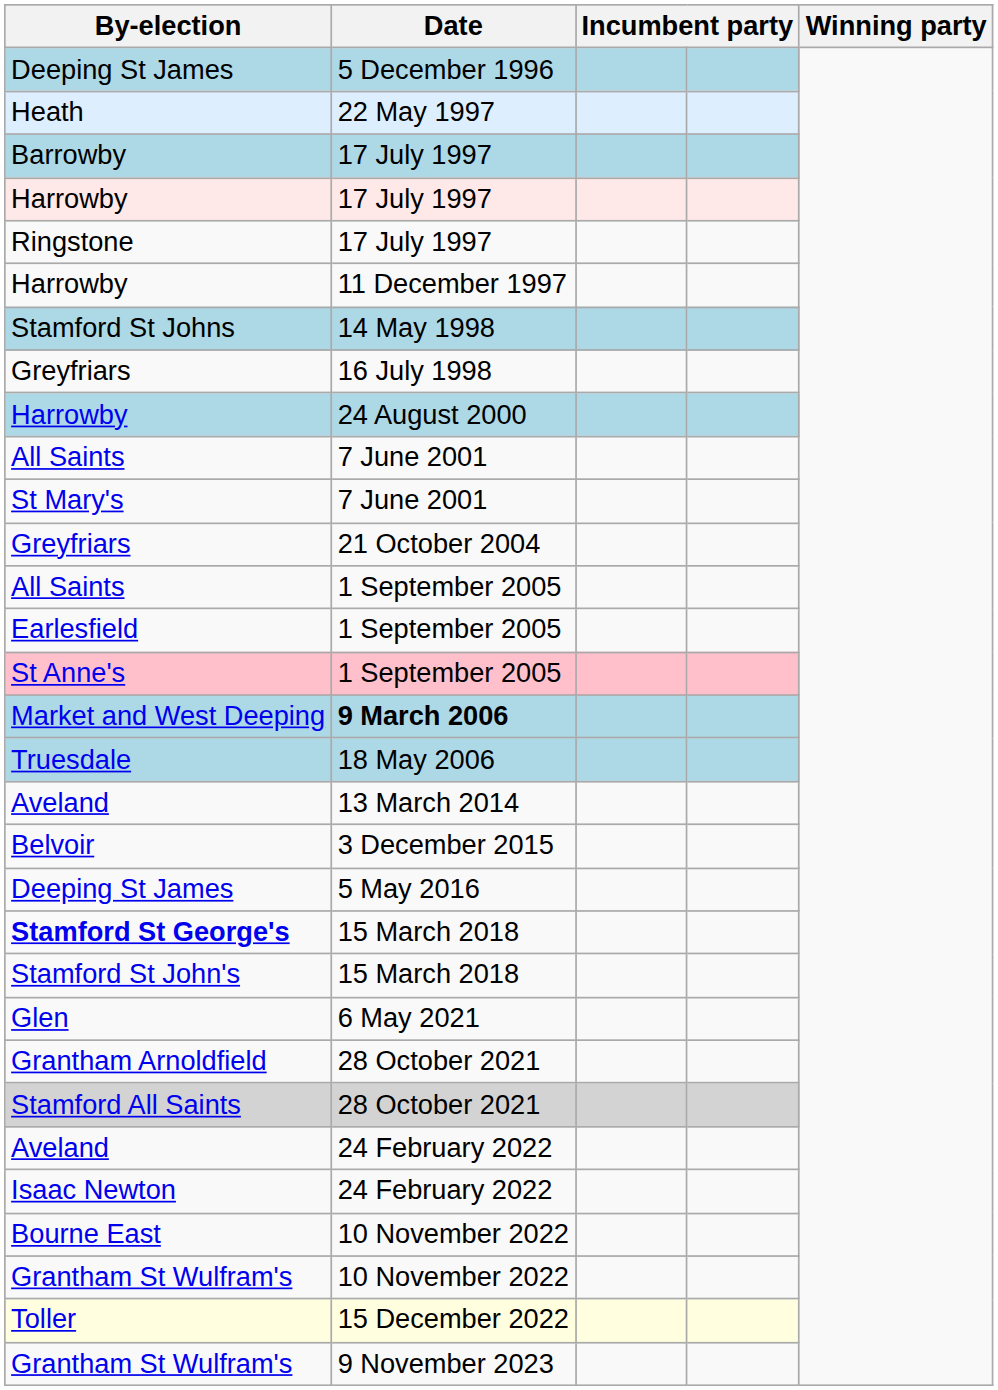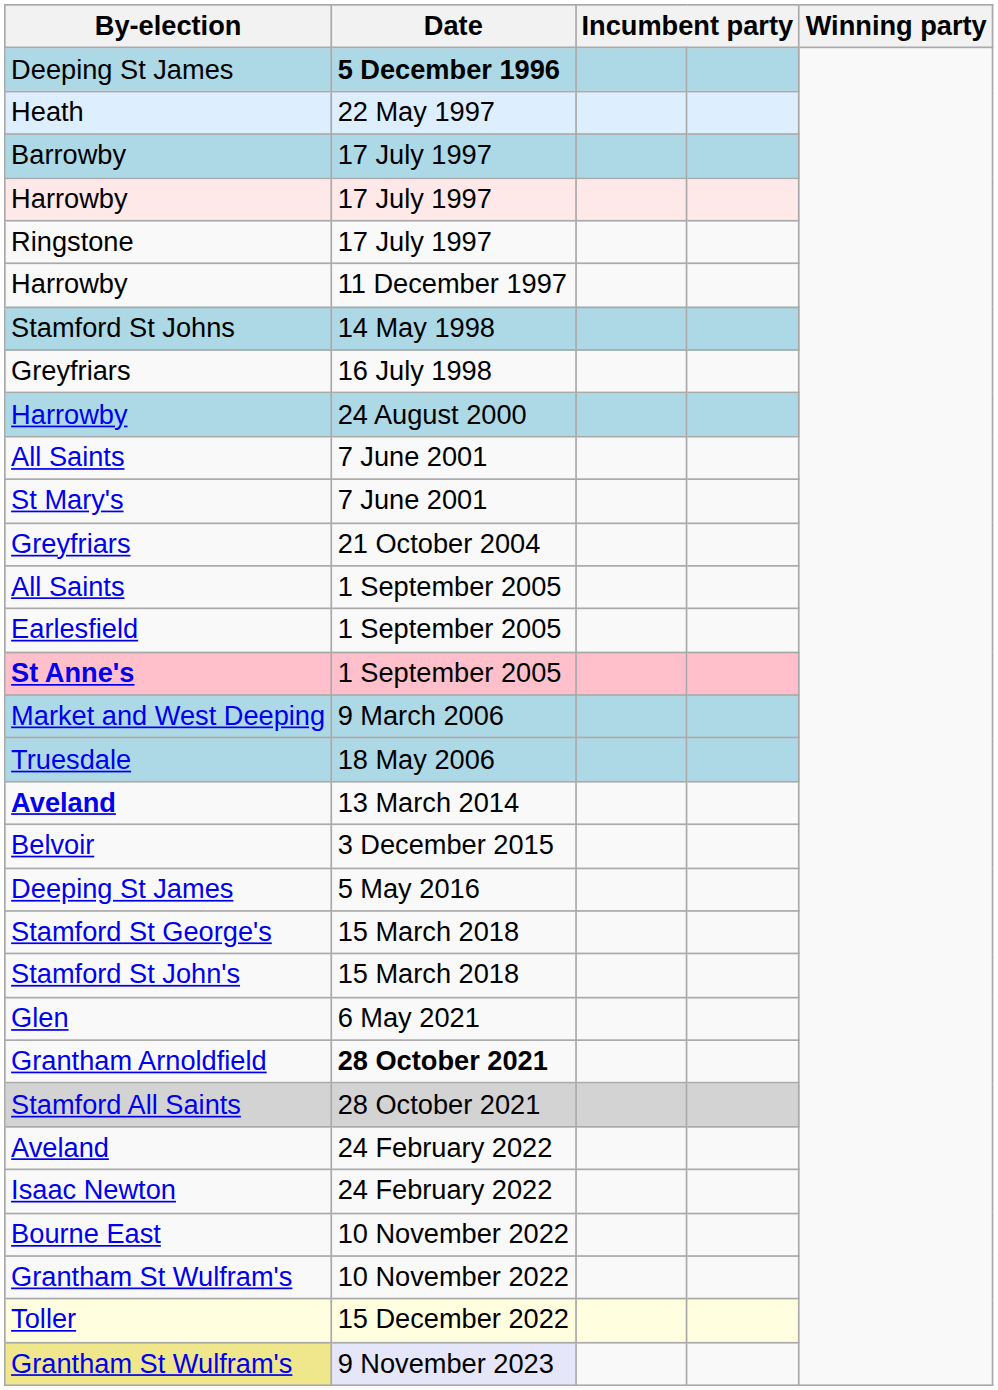 <table class="wikitable">
 <tr>
 <th>By-election</th>
 <th>Date</th>
 <th colspan=2>Incumbent party</th>
 <th colspan=2>Winning party</th>
 </tr>
 <tr bgcolor=lightblue>
 <td>Deeping St James</td>
-<td>5 December 1996</td>
+<td><strong>5 December 1996</strong></td>
 <td></td>
 <td></td>
 </tr>
 <tr bgcolor=#DDEEFF>
 <td>Heath</td>
 <td>22 May 1997</td>
 <td></td>
 <td></td>
 </tr>
 <tr bgcolor=lightblue>
 <td>Barrowby</td>
 <td>17 July 1997</td>
 <td></td>
 <td></td>
 </tr>
 <tr bgcolor=#FFE8E8>
 <td>Harrowby</td>
 <td>17 July 1997</td>
 <td></td>
 <td></td>
 </tr>
 <tr bgcolor=>
 <td>Ringstone</td>
 <td>17 July 1997</td>
 <td></td>
 <td></td>
 </tr>
 <tr bgcolor=>
 <td>Harrowby</td>
 <td>11 December 1997</td>
 <td></td>
 <td></td>
 </tr>
 <tr bgcolor=lightblue>
 <td>Stamford St Johns</td>
 <td>14 May 1998</td>
 <td></td>
 <td></td>
 </tr>
 <tr bgcolor=>
 <td>Greyfriars</td>
 <td>16 July 1998</td>
 <td></td>
 <td></td>
 </tr>
 <tr bgcolor=lightblue>
 <td><a href='#'>Harrowby</a></td>
 <td>24 August 2000</td>
 <td></td>
 <td></td>
 </tr>
 <tr bgcolor=>
 <td><a href='#'>All Saints</a></td>
 <td>7 June 2001</td>
 <td></td>
 <td></td>
 </tr>
 <tr bgcolor=>
 <td><a href='#'>St Mary's</a></td>
 <td>7 June 2001</td>
 <td></td>
 <td></td>
 </tr>
 <tr bgcolor=>
 <td><a href='#'>Greyfriars</a></td>
 <td>21 October 2004</td>
 <td></td>
 <td></td>
 </tr>
 <tr bgcolor=>
 <td><a href='#'>All Saints</a></td>
 <td>1 September 2005</td>
 <td></td>
 <td></td>
 </tr>
 <tr bgcolor=>
 <td><a href='#'>Earlesfield</a></td>
 <td>1 September 2005</td>
 <td></td>
 <td></td>
 </tr>
 <tr bgcolor=pink>
-<td><a href='#'>St Anne's</a></td>
+<td><strong><a href='#'>St Anne's</a></strong></td>
 <td>1 September 2005</td>
 <td></td>
 <td></td>
 </tr>
 <tr bgcolor=lightblue>
 <td><a href='#'>Market and West Deeping</a></td>
-<td><strong>9 March 2006</strong></td>
+<td>9 March 2006</td>
 <td></td>
 <td></td>
 </tr>
 <tr bgcolor=lightblue>
 <td><a href='#'>Truesdale</a></td>
 <td>18 May 2006</td>
 <td></td>
 <td></td>
 </tr>
 <tr bgcolor=>
-<td><a href='#'>Aveland</a></td>
+<td><strong><a href='#'>Aveland</a></strong></td>
 <td>13 March 2014</td>
 <td></td>
 <td></td>
 </tr>
 <tr bgcolor=>
 <td><a href='#'>Belvoir</a></td>
 <td>3 December 2015</td>
 <td></td>
 <td></td>
 </tr>
 <tr bgcolor=>
 <td><a href='#'>Deeping St James</a></td>
 <td>5 May 2016</td>
 <td></td>
 <td></td>
 </tr>
 <tr bgcolor=>
-<td><strong><a href='#'>Stamford St George's</a></strong></td>
+<td><a href='#'>Stamford St George's</a></td>
 <td>15 March 2018</td>
 <td></td>
 <td></td>
 </tr>
 <tr bgcolor=>
 <td><a href='#'>Stamford St John's</a></td>
 <td>15 March 2018</td>
 <td></td>
 <td></td>
 </tr>
 <tr bgcolor=>
 <td><a href='#'>Glen</a></td>
 <td>6 May 2021</td>
 <td></td>
 <td></td>
 </tr>
 <tr bgcolor=>
 <td><a href='#'>Grantham Arnoldfield</a></td>
-<td>28 October 2021</td>
+<td><strong>28 October 2021</strong></td>
 <td></td>
 <td></td>
 </tr>
 <tr bgcolor=lightgrey>
 <td><a href='#'>Stamford All Saints</a></td>
 <td>28 October 2021</td>
 <td></td>
 <td></td>
 </tr>
 <tr bgcolor=>
 <td><a href='#'>Aveland</a></td>
 <td>24 February 2022</td>
 <td></td>
 <td></td>
 </tr>
 <tr bgcolor=>
 <td><a href='#'>Isaac Newton</a></td>
 <td>24 February 2022</td>
 <td></td>
 <td></td>
 </tr>
 <tr bgcolor=>
 <td><a href='#'>Bourne East</a></td>
 <td>10 November 2022</td>
 <td></td>
 <td></td>
 </tr>
 <tr bgcolor=>
 <td><a href='#'>Grantham St Wulfram's</a></td>
 <td>10 November 2022</td>
 <td></td>
 <td></td>
 </tr>
 <tr bgcolor=lightyellow>
 <td><a href='#'>Toller</a></td>
 <td>15 December 2022</td>
 <td></td>
 <td></td>
 </tr>
 <tr>
-<td><a href='#'>Grantham St Wulfram's</a></td>
-<td>9 November 2023</td>
+<td style="background: khaki;"><a href='#'>Grantham St Wulfram's</a></td>
+<td style="background: lavender;">9 November 2023</td>
 <td></td>
 <td></td>
 </tr>
 </table>
